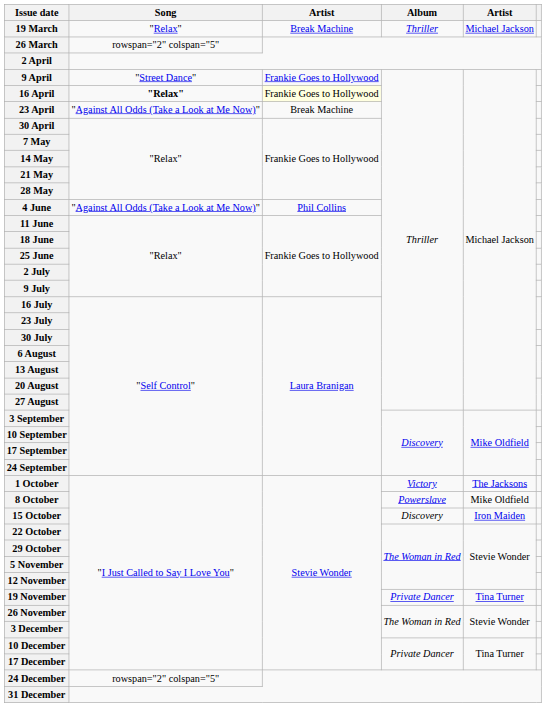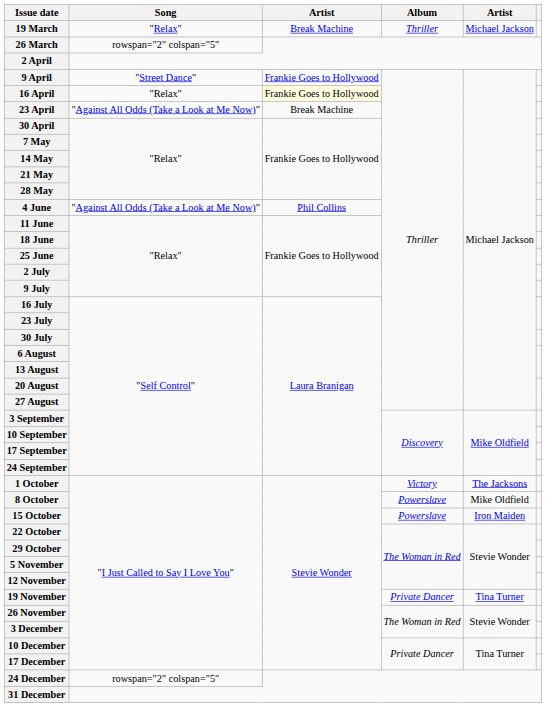 <table class="wikitable plainrowheaders" style="text-align:center">
 <tr>
 <th scope="col">Issue date</th>
 <th scope="col">Song</th>
 <th scope="col">Artist</th>
 <th scope="col">Album</th>
 <th scope="col">Artist</th>
 <th scope="col"></th>
 </tr>
 <tr>
 <th scope="row">19 March</th>
 <td>"<a href='#'>Relax</a>"</td>
 <td><a href='#'>Break Machine</a></td>
 <td><em><a href='#'>Thriller</a></em></td>
 <td><a href='#'>Michael Jackson</a></td>
 <td></td>
 </tr>
 <tr>
 <th scope="row">26 March</th>
 <td>rowspan="2" colspan="5" </td>
 </tr>
 <tr>
 <th scope="row">2 April</th>
 </tr>
 <tr>
 <th scope="row">9 April</th>
 <td>"<a href='#'>Street Dance</a>"</td>
 <td><a href='#'>Frankie Goes to Hollywood</a></td>
 <td rowspan="21"><em>Thriller</em></td>
 <td rowspan="21">Michael Jackson</td>
 <td></td>
 </tr>
 <tr>
 <th scope="row">16 April</th>
-<td><strong>"Relax"</strong></td>
+<td>"Relax"</td>
 <td style="background: lightyellow;">Frankie Goes to Hollywood</td>
 <td></td>
 </tr>
 <tr>
 <th scope="row">23 April</th>
 <td>"<a href='#'>Against All Odds (Take a Look at Me Now)</a>"</td>
 <td>Break Machine</td>
 <td></td>
 </tr>
 <tr>
 <th scope="row">30 April</th>
 <td rowspan="5">"Relax"</td>
 <td rowspan="5">Frankie Goes to Hollywood</td>
 <td></td>
 </tr>
 <tr>
 <th scope="row">7 May</th>
 <td></td>
 </tr>
 <tr>
 <th scope="row">14 May</th>
 <td></td>
 </tr>
 <tr>
 <th scope="row">21 May</th>
 <td></td>
 </tr>
 <tr>
 <th scope="row">28 May</th>
 <td></td>
 </tr>
 <tr>
 <th scope="row">4 June</th>
 <td>"<a href='#'>Against All Odds (Take a Look at Me Now)</a>"</td>
 <td><a href='#'>Phil Collins</a></td>
 <td></td>
 </tr>
 <tr>
 <th scope="row">11 June</th>
 <td rowspan="5">"Relax"</td>
 <td rowspan="5">Frankie Goes to Hollywood</td>
 <td></td>
 </tr>
 <tr>
 <th scope="row">18 June</th>
 <td></td>
 </tr>
 <tr>
 <th scope="row">25 June</th>
 <td></td>
 </tr>
 <tr>
 <th scope="row">2 July</th>
 <td></td>
 </tr>
 <tr>
 <th scope="row">9 July</th>
 <td></td>
 </tr>
 <tr>
 <th scope="row">16 July</th>
 <td rowspan="11">"<a href='#'>Self Control</a>"</td>
 <td rowspan="11"><a href='#'>Laura Branigan</a></td>
 <td rowspan="2"></td>
 </tr>
 <tr>
 <th scope="row">23 July</th>
 </tr>
 <tr>
 <th scope="row">30 July</th>
 <td></td>
 </tr>
 <tr>
 <th scope="row">6 August</th>
 <td rowspan="2"></td>
 </tr>
 <tr>
 <th scope="row">13 August</th>
 </tr>
 <tr>
 <th scope="row">20 August</th>
 <td rowspan="2"></td>
 </tr>
 <tr>
 <th scope="row">27 August</th>
 </tr>
 <tr>
 <th scope="row">3 September</th>
 <td rowspan="4"><em><a href='#'>Discovery</a></em></td>
 <td rowspan="4"><a href='#'>Mike Oldfield</a></td>
 <td></td>
 </tr>
 <tr>
 <th scope="row">10 September</th>
 <td></td>
 </tr>
 <tr>
 <th scope="row">17 September</th>
 <td></td>
 </tr>
 <tr>
 <th scope="row">24 September</th>
 <td></td>
 </tr>
 <tr>
 <th scope="row">1 October</th>
 <td rowspan="12">"<a href='#'>I Just Called to Say I Love You</a>"</td>
 <td rowspan="12"><a href='#'>Stevie Wonder</a></td>
 <td><em><a href='#'>Victory</a></em></td>
 <td><a href='#'>The Jacksons</a></td>
 <td></td>
 </tr>
 <tr>
 <th scope="row">8 October</th>
 <td><em><a href='#'>Powerslave</a></em></td>
 <td>Mike Oldfield</td>
 <td></td>
 </tr>
 <tr>
 <th scope="row">15 October</th>
-<td><em>Discovery</em></td>
+<td><em><a href='#'>Powerslave</a></em></td>
 <td><a href='#'>Iron Maiden</a></td>
 <td></td>
 </tr>
 <tr>
 <th scope="row">22 October</th>
 <td rowspan="4"><em><a href='#'>The Woman in Red</a></em></td>
 <td rowspan="4">Stevie Wonder</td>
 <td></td>
 </tr>
 <tr>
 <th scope="row">29 October</th>
 <td></td>
 </tr>
 <tr>
 <th scope="row">5 November</th>
 <td></td>
 </tr>
 <tr>
 <th scope="row">12 November</th>
 <td></td>
 </tr>
 <tr>
 <th scope="row">19 November</th>
 <td><em><a href='#'>Private Dancer</a></em></td>
 <td><a href='#'>Tina Turner</a></td>
 <td></td>
 </tr>
 <tr>
 <th scope="row">26 November</th>
 <td rowspan="2"><em>The Woman in Red</em></td>
 <td rowspan="2">Stevie Wonder</td>
 <td></td>
 </tr>
 <tr>
 <th scope="row">3 December</th>
 <td></td>
 </tr>
 <tr>
 <th scope="row">10 December</th>
 <td rowspan="2"><em>Private Dancer</em></td>
 <td rowspan="2">Tina Turner</td>
 <td></td>
 </tr>
 <tr>
 <th scope="row">17 December</th>
 <td></td>
 </tr>
 <tr>
 <th scope="row">24 December</th>
 <td>rowspan="2" colspan="5" </td>
 </tr>
 <tr>
 <th scope="row">31 December</th>
 </tr>
 </table>
